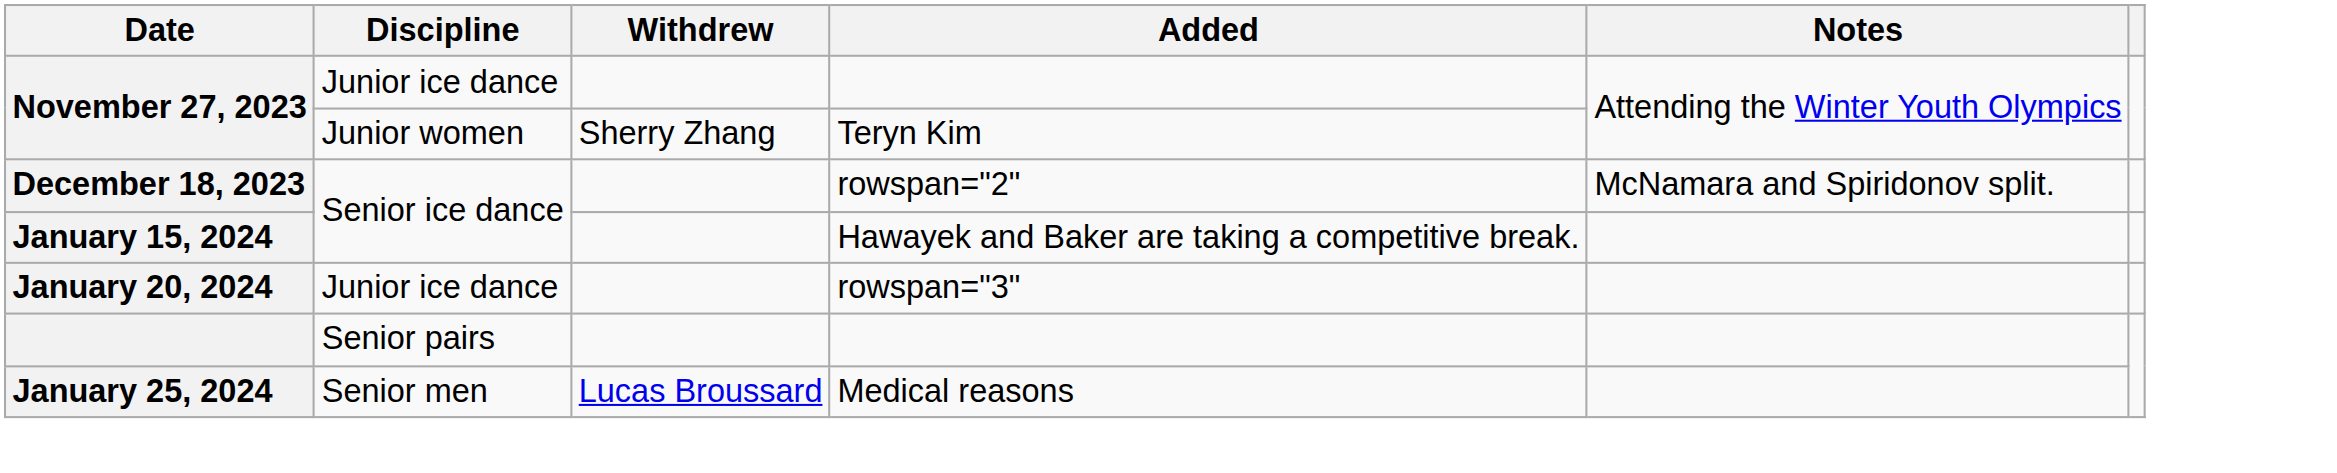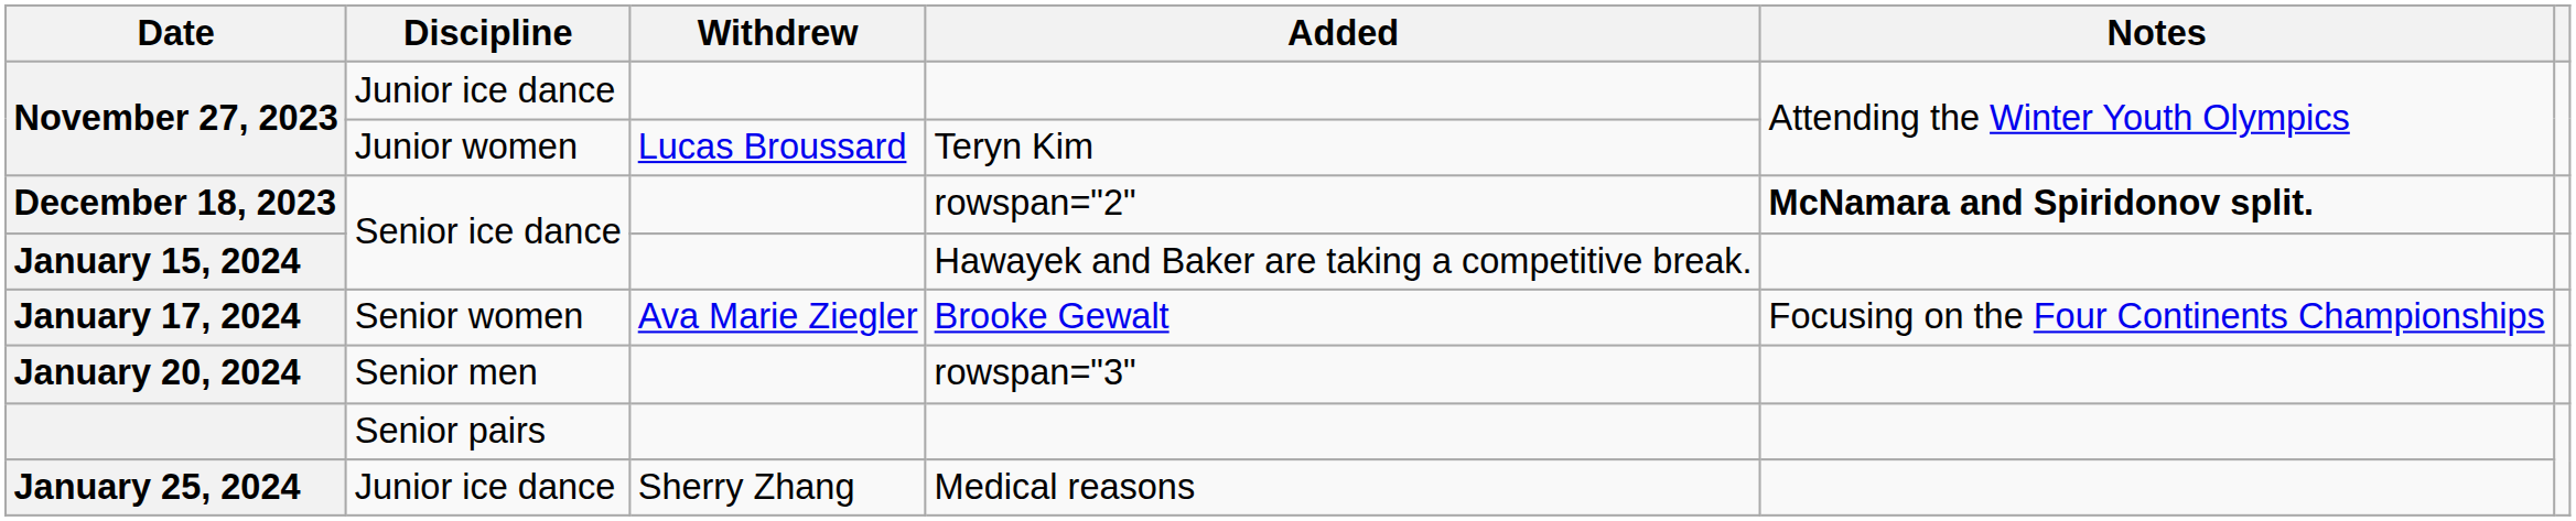 <table class="wikitable unsortable" style="text-align:left;">
 <tr>
 <th scope="col">Date</th>
 <th scope="col">Discipline</th>
 <th scope="col">Withdrew</th>
 <th scope="col">Added</th>
 <th scope="col">Notes</th>
 <th scope="col"></th>
 </tr>
 <tr>
 <th scope="row" style="text-align:left" rowspan="2">November 27, 2023</th>
 <td>Junior ice dance</td>
 <td></td>
 <td></td>
 <td rowspan="2">Attending the <a href='#'>Winter Youth Olympics</a></td>
 <td rowspan="2"></td>
 </tr>
 <tr>
 <td>Junior women</td>
-<td>Sherry Zhang</td>
+<td><a href='#'>Lucas Broussard</a></td>
 <td>Teryn Kim</td>
 </tr>
 <tr>
 <th scope="row" style="text-align:left">December 18, 2023</th>
 <td rowspan="2">Senior ice dance</td>
 <td></td>
 <td>rowspan="2" </td>
-<td>McNamara and Spiridonov split.</td>
+<td><strong>McNamara and Spiridonov split.</strong></td>
 <td></td>
 </tr>
 <tr>
 <th scope="row" style="text-align:left">January 15, 2024</th>
 <td></td>
 <td>Hawayek and Baker are taking a competitive break.</td>
 <td></td>
 </tr>
 <tr>
+<th scope="row" style="text-align:left">January 17, 2024</th>
+<td>Senior women</td>
+<td><a href='#'>Ava Marie Ziegler</a></td>
+<td><a href='#'>Brooke Gewalt</a></td>
+<td>Focusing on the <a href='#'>Four Continents Championships</a></td>
+<td></td>
+</tr>
+<tr>
 <th scope="row" style="text-align:left">January 20, 2024</th>
-<td>Junior ice dance</td>
+<td>Senior men</td>
 <td></td>
 <td>rowspan="3" </td>
 <td></td>
 <td></td>
 </tr>
 <tr>
 <th></th>
 <td>Senior pairs</td>
 <td></td>
 <td></td>
 <td></td>
 </tr>
 <tr>
 <th scope="row" style="text-align:left">January 25, 2024</th>
-<td>Senior men</td>
-<td><a href='#'>Lucas Broussard</a></td>
+<td>Junior ice dance</td>
+<td>Sherry Zhang</td>
 <td>Medical reasons</td>
 <td></td>
 </tr>
 </table>
